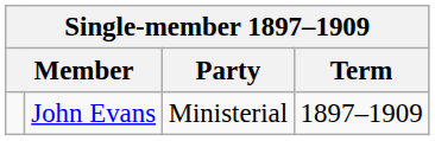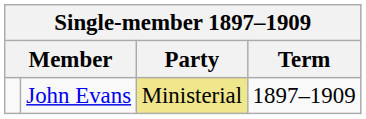 <table class="wikitable">
 <tr>
 <th colspan = "4">Single-member 1897–1909</th>
 </tr>
 <tr>
 <th colspan=2>Member</th>
 <th>Party</th>
 <th>Term</th>
 </tr>
 <tr>
 <td> </td>
 <td><a href='#'>John Evans</a></td>
-<td>Ministerial</td>
+<td style="background: khaki;">Ministerial</td>
 <td>1897–1909</td>
 </tr>
 </table>
